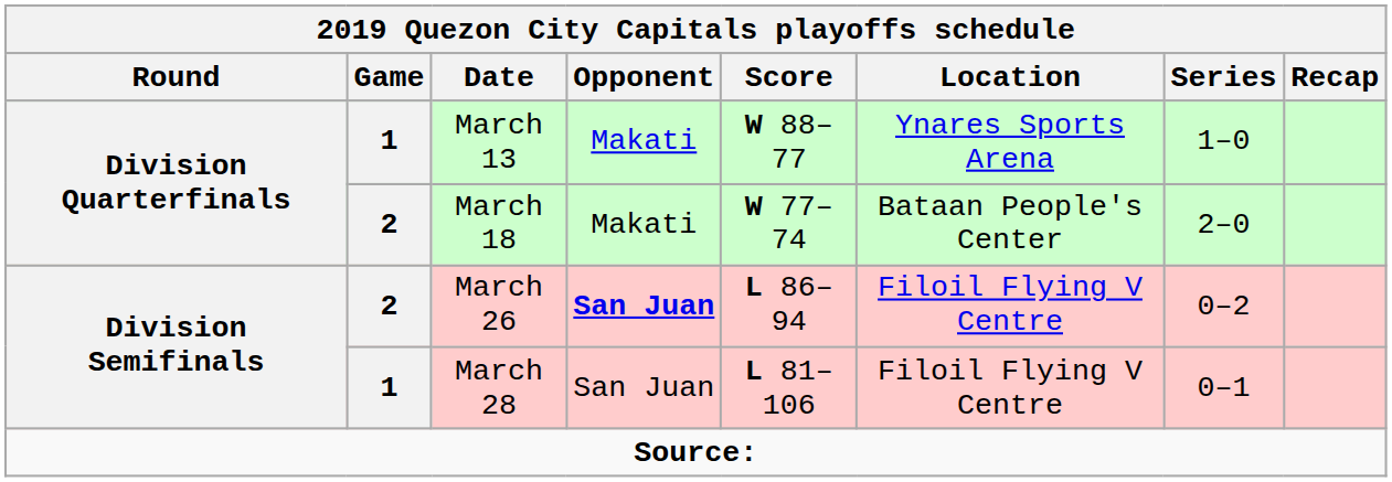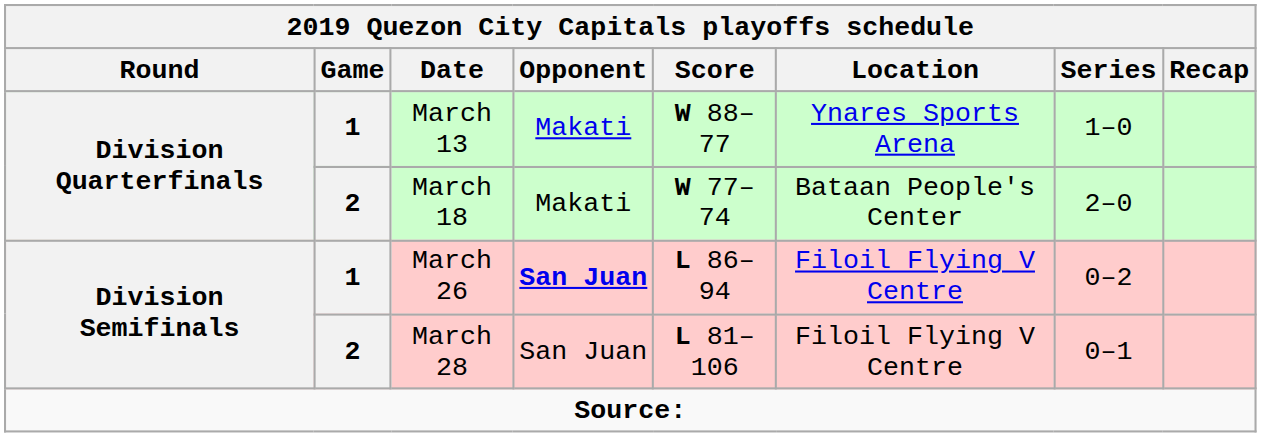 <table class="wikitable" style="text-align:center">
 <tr>
 <th colspan=8>2019 Quezon City Capitals playoffs schedule</th>
 </tr>
 <tr>
 <th>Round</th>
 <th>Game</th>
 <th>Date</th>
 <th>Opponent</th>
 <th>Score</th>
 <th>Location</th>
 <th>Series</th>
 <th>Recap<br></th>
 </tr>
 <tr style="background:#cfc">
 <th rowspan=2>Division Quarterfinals</th>
 <th>1</th>
 <td>March 13</td>
 <td><a href='#'>Makati</a></td>
 <td><strong>W</strong> 88–77</td>
 <td><a href='#'>Ynares Sports Arena</a></td>
 <td>1–0</td>
 <td></td>
 </tr>
 <tr style="background:#cfc">
 <th>2</th>
 <td>March 18</td>
 <td>Makati</td>
 <td><strong>W</strong> 77–74</td>
 <td>Bataan People's Center</td>
 <td>2–0</td>
 <td><br></td>
 </tr>
 <tr style="background:#fcc">
 <th rowspan=2>Division Semifinals</th>
-<th>2</th>
+<th>1</th>
 <td>March 26</td>
 <td><strong><a href='#'>San Juan</a></strong></td>
 <td><strong>L</strong> 86–94</td>
 <td><a href='#'>Filoil Flying V Centre</a></td>
 <td>0–2</td>
 <td></td>
 </tr>
 <tr style="background:#fcc">
-<th>1</th>
+<th>2</th>
 <td>March 28</td>
 <td>San Juan</td>
 <td><strong>L</strong> 81–106</td>
 <td>Filoil Flying V Centre</td>
 <td>0–1</td>
 <td></td>
 </tr>
 <tr>
 <td colspan=8 align=center><strong>Source: </strong></td>
 </tr>
 </table>
